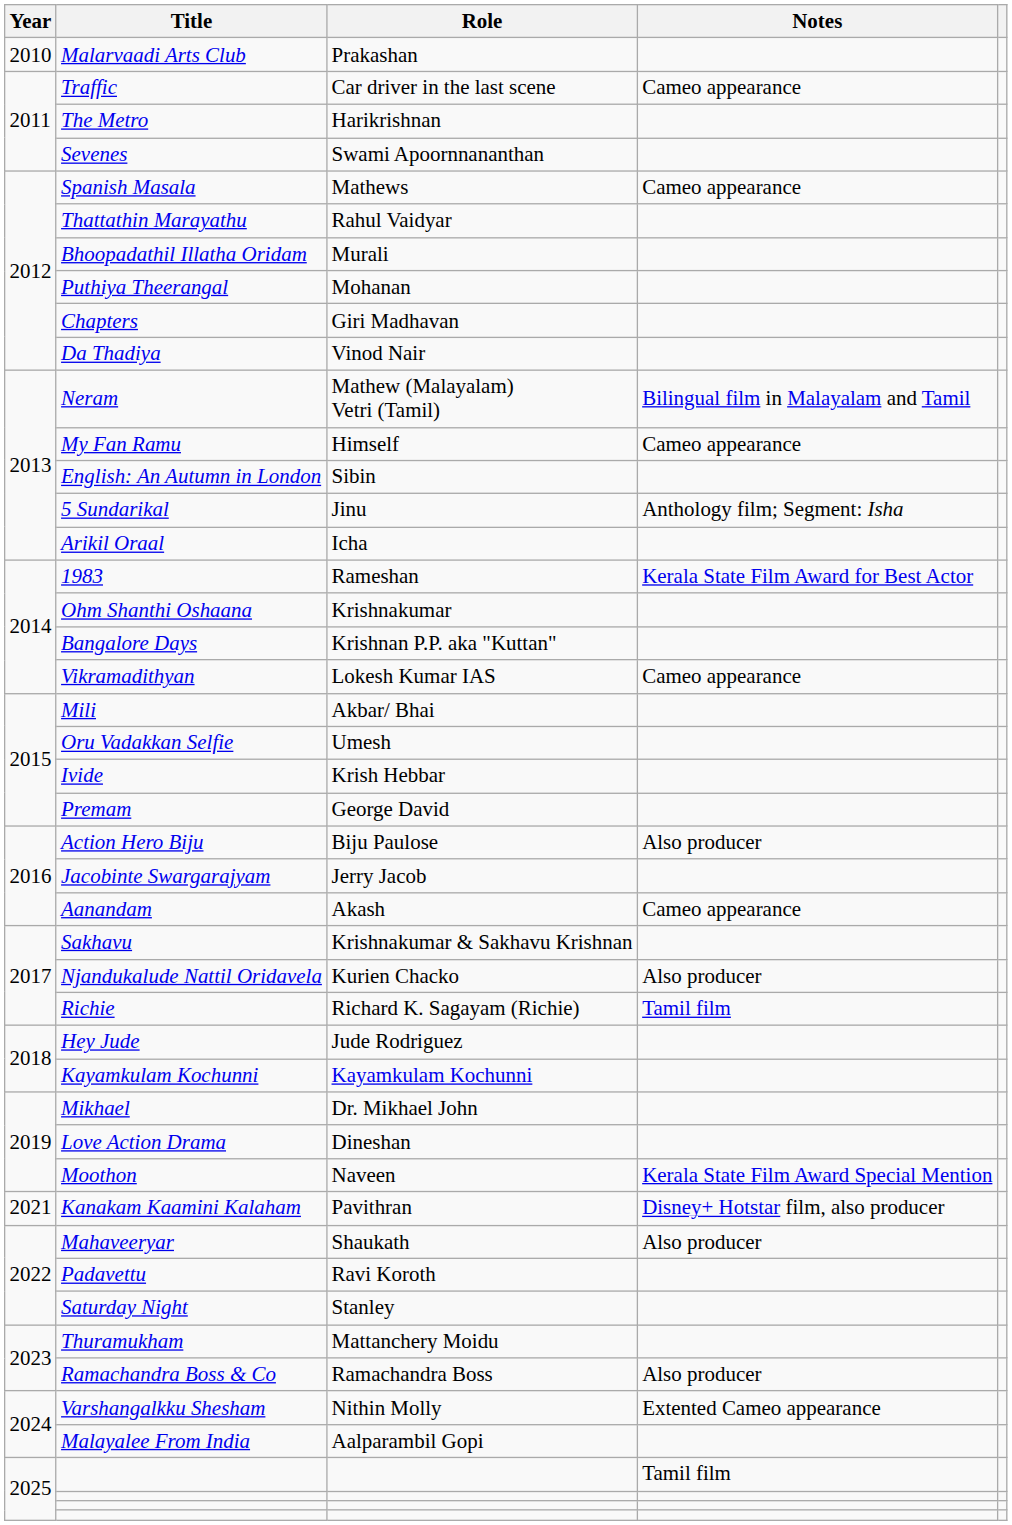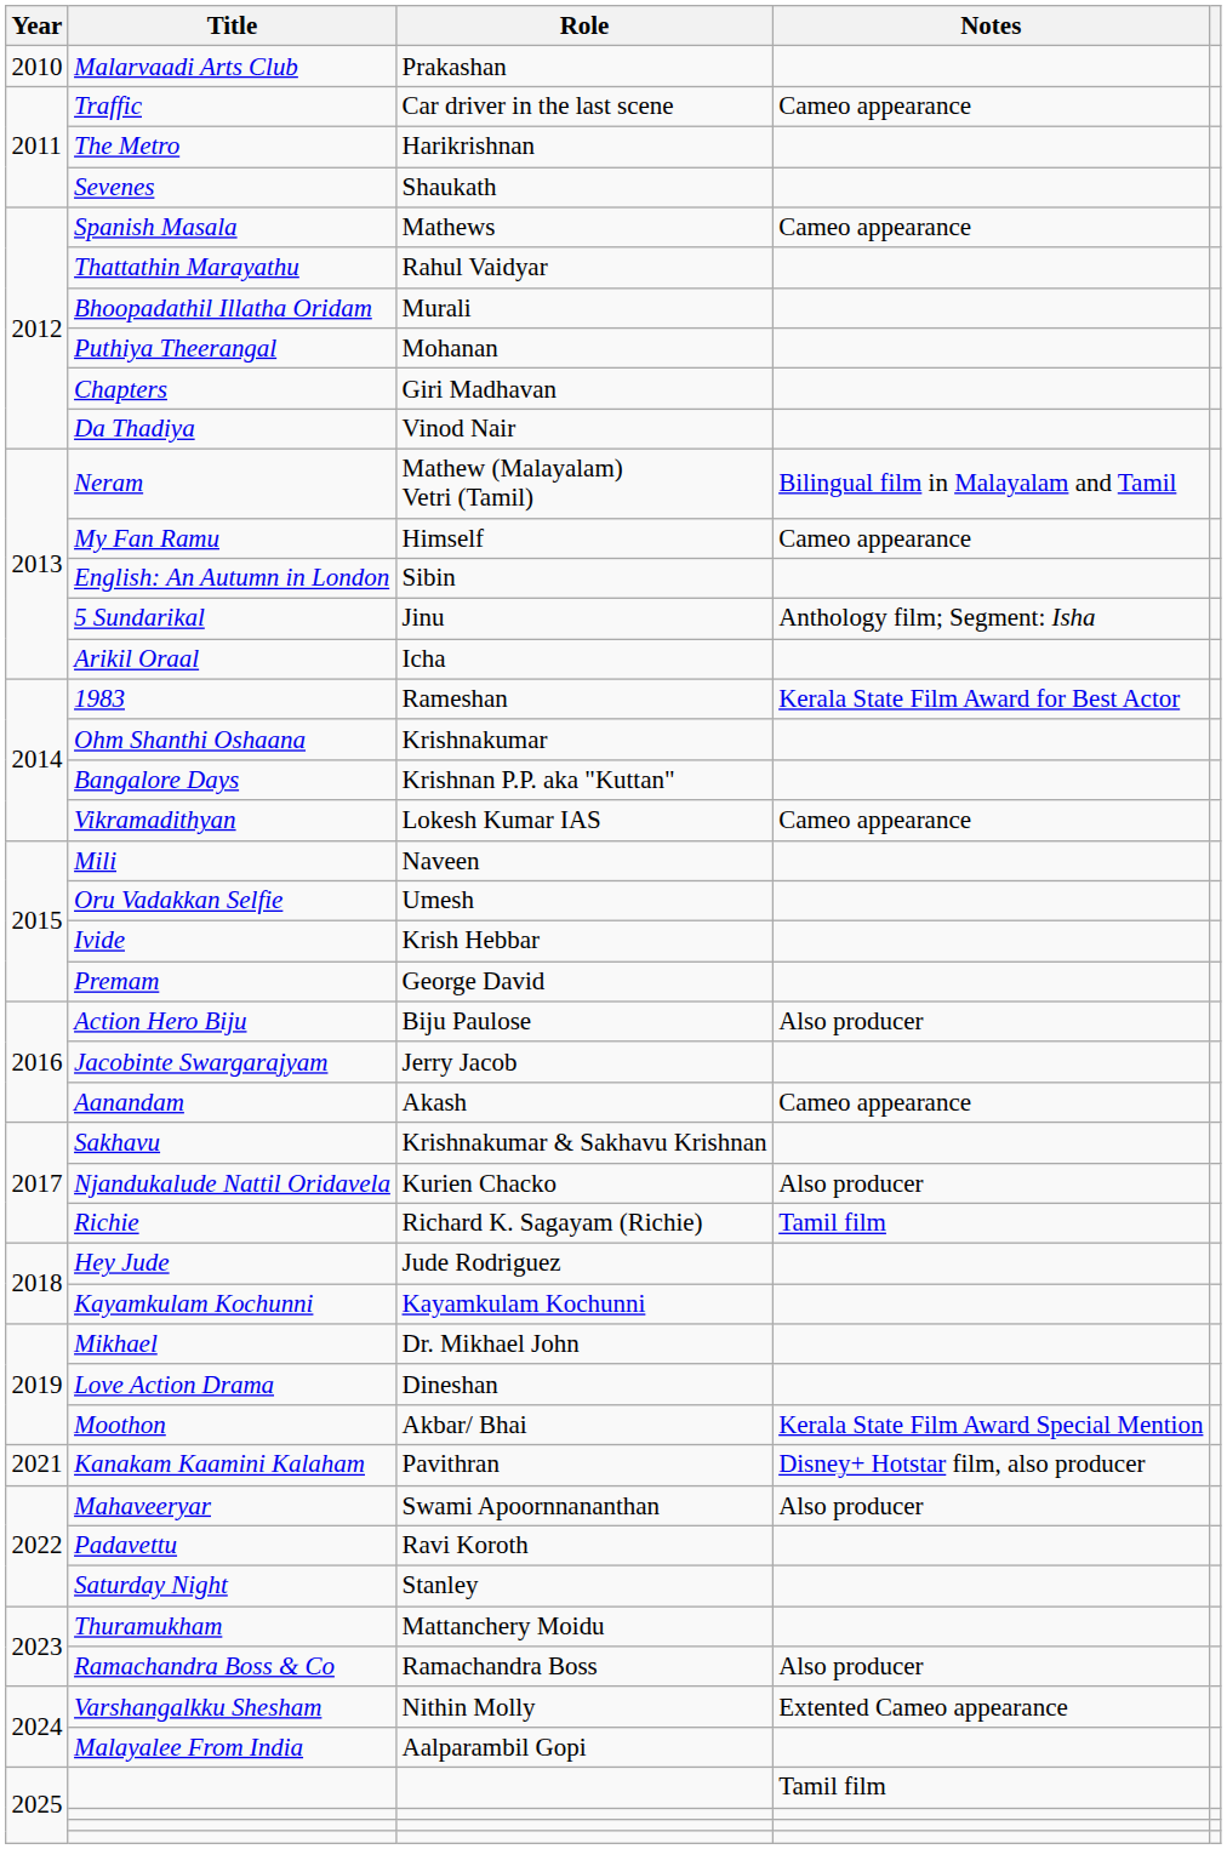 <table class="wikitable sortable plainrowheaders" id="filmography">
 <tr>
 <th scope="col">Year</th>
 <th scope="col">Title</th>
 <th scope="col">Role</th>
 <th scope="col" class="unsortable">Notes</th>
 <th scope="col" class="unsortable"></th>
 </tr>
 <tr>
 <td>2010</td>
 <td><em><a href='#'>Malarvaadi Arts Club</a></em></td>
 <td>Prakashan</td>
 <td></td>
 <td></td>
 </tr>
 <tr>
 <td rowspan= 3>2011</td>
 <td><em><a href='#'>Traffic</a></em></td>
 <td>Car driver in the last scene</td>
 <td>Cameo appearance</td>
 <td></td>
 </tr>
 <tr>
 <td><em><a href='#'>The Metro</a></em></td>
 <td>Harikrishnan</td>
 <td></td>
 <td></td>
 </tr>
 <tr>
 <td><em><a href='#'>Sevenes</a></em></td>
-<td>Swami Apoornnananthan</td>
+<td>Shaukath</td>
 <td></td>
 <td></td>
 </tr>
 <tr>
 <td rowspan=6>2012</td>
 <td><em><a href='#'>Spanish Masala</a></em></td>
 <td>Mathews</td>
 <td>Cameo appearance</td>
 <td></td>
 </tr>
 <tr>
 <td><em><a href='#'>Thattathin Marayathu</a></em></td>
 <td>Rahul Vaidyar</td>
 <td></td>
 <td></td>
 </tr>
 <tr>
 <td><em><a href='#'>Bhoopadathil Illatha Oridam</a></em></td>
 <td>Murali</td>
 <td></td>
 <td></td>
 </tr>
 <tr>
 <td><em><a href='#'>Puthiya Theerangal</a></em></td>
 <td>Mohanan</td>
 <td></td>
 <td></td>
 </tr>
 <tr>
 <td><em><a href='#'>Chapters</a></em></td>
 <td>Giri Madhavan</td>
 <td></td>
 <td></td>
 </tr>
 <tr>
 <td><em><a href='#'>Da Thadiya</a></em></td>
 <td>Vinod Nair</td>
 <td></td>
 <td></td>
 </tr>
 <tr>
 <td rowspan=5>2013</td>
 <td><em><a href='#'>Neram</a></em></td>
 <td>Mathew (Malayalam)<br>Vetri (Tamil)</td>
 <td><a href='#'>Bilingual film</a> in <a href='#'>Malayalam</a> and <a href='#'>Tamil</a></td>
 <td></td>
 </tr>
 <tr>
 <td><em><a href='#'>My Fan Ramu</a></em></td>
 <td>Himself</td>
 <td>Cameo appearance</td>
 <td></td>
 </tr>
 <tr>
 <td><em><a href='#'>English: An Autumn in London</a></em></td>
 <td>Sibin</td>
 <td></td>
 <td></td>
 </tr>
 <tr>
 <td><em><a href='#'>5 Sundarikal</a></em></td>
 <td>Jinu</td>
 <td>Anthology film; Segment: <em>Isha</em></td>
 <td></td>
 </tr>
 <tr>
 <td><em><a href='#'>Arikil Oraal</a></em></td>
 <td>Icha</td>
 <td></td>
 <td></td>
 </tr>
 <tr>
 <td rowspan=4>2014</td>
 <td><em><a href='#'>1983</a></em></td>
 <td>Rameshan</td>
 <td><a href='#'>Kerala State Film Award for Best Actor</a></td>
 <td></td>
 </tr>
 <tr>
 <td><em><a href='#'>Ohm Shanthi Oshaana</a></em></td>
 <td>Krishnakumar</td>
 <td></td>
 <td></td>
 </tr>
 <tr>
 <td><em><a href='#'>Bangalore Days</a></em></td>
 <td>Krishnan P.P. aka "Kuttan"</td>
 <td></td>
 <td></td>
 </tr>
 <tr>
 <td><em><a href='#'>Vikramadithyan</a></em></td>
 <td>Lokesh Kumar IAS</td>
 <td>Cameo appearance</td>
 <td></td>
 </tr>
 <tr>
 <td rowspan=4>2015</td>
 <td><em><a href='#'>Mili</a></em></td>
-<td>Akbar/ Bhai</td>
+<td>Naveen</td>
 <td></td>
 <td></td>
 </tr>
 <tr>
 <td><em><a href='#'>Oru Vadakkan Selfie</a></em></td>
 <td>Umesh</td>
 <td></td>
 <td></td>
 </tr>
 <tr>
 <td><em><a href='#'>Ivide</a></em></td>
 <td>Krish Hebbar</td>
 <td></td>
 <td></td>
 </tr>
 <tr>
 <td><em><a href='#'>Premam</a></em></td>
 <td>George David</td>
 <td></td>
 <td></td>
 </tr>
 <tr>
 <td rowspan=3>2016</td>
 <td><em><a href='#'>Action Hero Biju</a></em></td>
 <td>Biju Paulose</td>
 <td>Also producer</td>
 <td></td>
 </tr>
 <tr>
 <td><em><a href='#'>Jacobinte Swargarajyam</a></em></td>
 <td>Jerry Jacob</td>
 <td></td>
 <td></td>
 </tr>
 <tr>
 <td><em><a href='#'>Aanandam</a></em></td>
 <td>Akash</td>
 <td>Cameo appearance</td>
 <td></td>
 </tr>
 <tr>
 <td rowspan="3">2017</td>
 <td><em><a href='#'>Sakhavu</a></em></td>
 <td>Krishnakumar & Sakhavu Krishnan</td>
 <td></td>
 <td></td>
 </tr>
 <tr>
 <td><em><a href='#'>Njandukalude Nattil Oridavela</a></em></td>
 <td>Kurien Chacko</td>
 <td>Also producer</td>
 <td></td>
 </tr>
 <tr>
 <td><em><a href='#'>Richie</a></em></td>
 <td>Richard K. Sagayam (Richie)</td>
 <td><a href='#'>Tamil film</a></td>
 <td></td>
 </tr>
 <tr>
 <td rowspan= "2">2018</td>
 <td><em><a href='#'>Hey Jude</a></em></td>
 <td>Jude Rodriguez</td>
 <td></td>
 <td></td>
 </tr>
 <tr>
 <td><em><a href='#'>Kayamkulam Kochunni</a></em></td>
 <td><a href='#'>Kayamkulam Kochunni</a></td>
 <td></td>
 <td><br></td>
 </tr>
 <tr>
 <td rowspan="3">2019</td>
 <td><em><a href='#'>Mikhael</a></em></td>
 <td>Dr. Mikhael John</td>
 <td></td>
 <td></td>
 </tr>
 <tr>
 <td><em><a href='#'>Love Action Drama</a></em></td>
 <td>Dineshan</td>
 <td></td>
 <td></td>
 </tr>
 <tr>
 <td><em><a href='#'>Moothon</a></em></td>
-<td>Naveen</td>
+<td>Akbar/ Bhai</td>
 <td><a href='#'>Kerala State Film Award Special Mention</a></td>
 <td></td>
 </tr>
 <tr>
 <td rowspan=1>2021</td>
 <td><em><a href='#'>Kanakam Kaamini Kalaham</a></em></td>
 <td>Pavithran</td>
 <td><a href='#'>Disney+ Hotstar</a> film, also producer</td>
 <td></td>
 </tr>
 <tr>
 <td rowspan="3">2022</td>
 <td><em><a href='#'>Mahaveeryar</a></em></td>
-<td>Shaukath</td>
+<td>Swami Apoornnananthan</td>
 <td>Also producer</td>
 <td></td>
 </tr>
 <tr>
 <td><em><a href='#'>Padavettu</a></em></td>
 <td>Ravi Koroth</td>
 <td></td>
 <td></td>
 </tr>
 <tr>
 <td><em><a href='#'>Saturday Night</a></em></td>
 <td>Stanley</td>
 <td></td>
 <td></td>
 </tr>
 <tr>
 <td rowspan=2>2023</td>
 <td><em><a href='#'>Thuramukham</a></em></td>
 <td>Mattanchery Moidu</td>
 <td></td>
 <td></td>
 </tr>
 <tr>
 <td><em><a href='#'>Ramachandra Boss & Co</a></em></td>
 <td>Ramachandra Boss</td>
 <td>Also producer</td>
 <td></td>
 </tr>
 <tr>
 <td rowspan="2">2024</td>
 <td><em><a href='#'>Varshangalkku Shesham</a></em></td>
 <td>Nithin Molly</td>
 <td>Extented Cameo appearance</td>
 <td></td>
 </tr>
 <tr>
 <td><em><a href='#'>Malayalee From India</a></em></td>
 <td>Aalparambil Gopi</td>
 <td></td>
 <td></td>
 </tr>
 <tr>
 <td rowspan="4">2025</td>
 <td></td>
 <td></td>
 <td>Tamil film</td>
 <td></td>
 </tr>
 <tr>
 <td></td>
 <td></td>
 <td></td>
 <td></td>
 </tr>
 <tr>
 <td></td>
 <td></td>
 <td></td>
 <td></td>
 </tr>
 <tr>
 <td></td>
 <td></td>
 <td></td>
 <td></td>
 </tr>
 </table>
